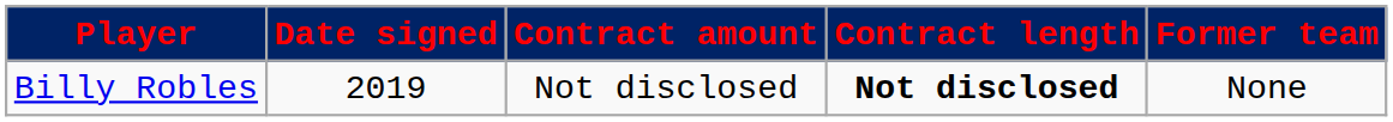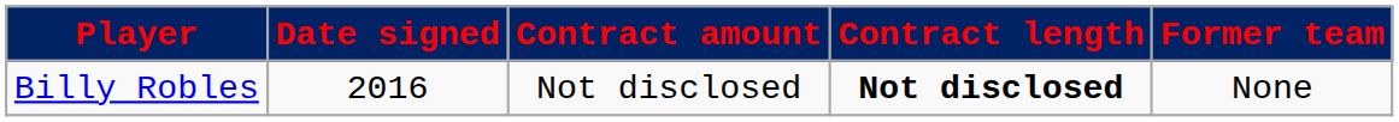 <table class="wikitable sortable sortable" style="text-align: center">
 <tr>
 <th style="background:#002366; color:#FE0003; ">Player</th>
 <th style="background:#002366; color:#FE0003; ">Date signed</th>
 <th style="background:#002366; color:#FE0003; ">Contract amount</th>
 <th style="background:#002366; color:#FE0003; ">Contract length</th>
 <th style="background:#002366; color:#FE0003; ">Former team</th>
 </tr>
 <tr>
 <td align="center"><a href='#'>Billy Robles</a></td>
-<td align="center">2019</td>
+<td align="center">2016</td>
 <td align="center">Not disclosed</td>
 <td align="center"><strong>Not disclosed</strong></td>
 <td align="center">None</td>
 </tr>
 </table>
